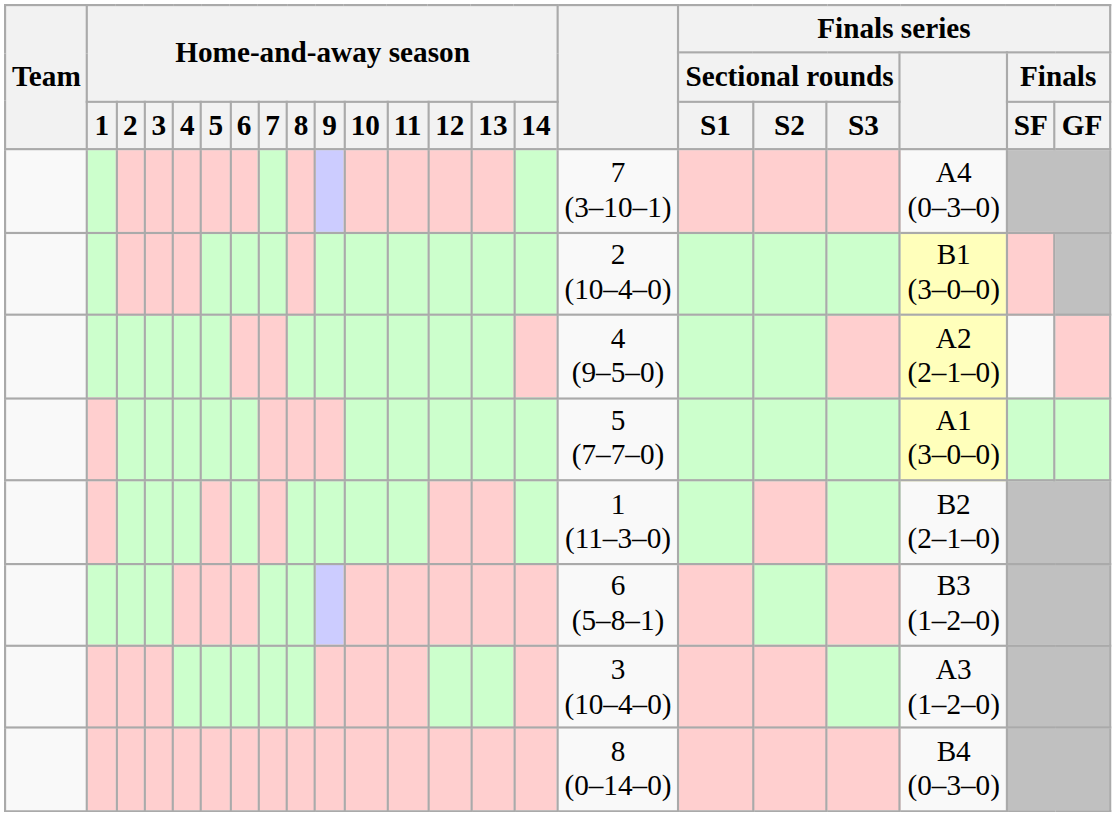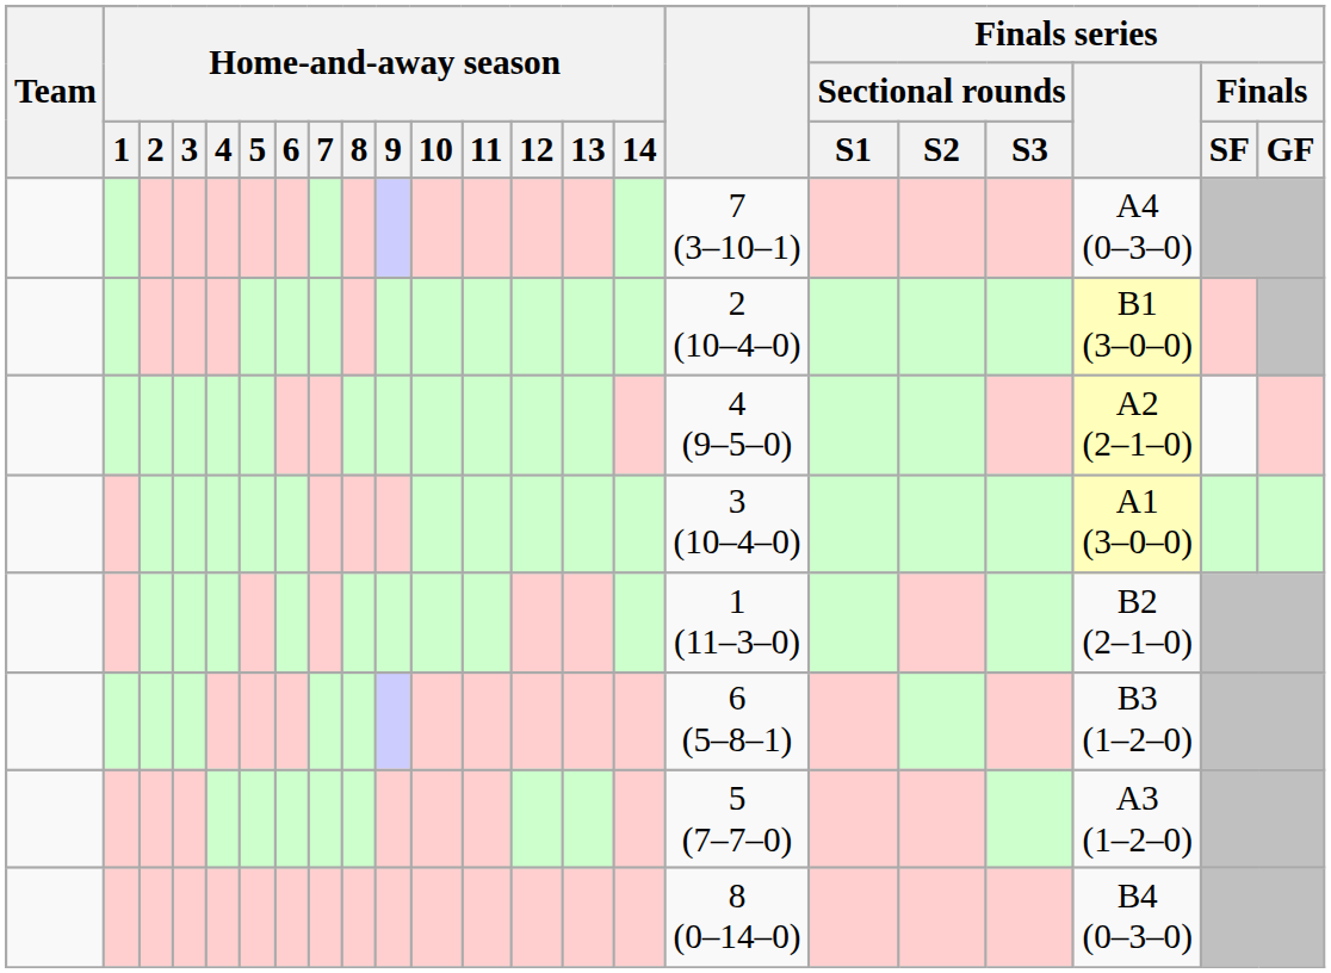 <table class="wikitable sortable" style="font-size:85%; text-align:center">
 <tr>
 <th rowspan=3>Team</th>
 <th colspan=14 rowspan=2>Home-and-away season</th>
 <th rowspan=3></th>
 <th colspan=6>Finals series</th>
 </tr>
 <tr>
 <th colspan=3>Sectional rounds</th>
 <th rowspan=2></th>
 <th colspan=2>Finals</th>
 </tr>
 <tr>
 <th>1</th>
 <th>2</th>
 <th>3</th>
 <th>4</th>
 <th>5</th>
 <th>6</th>
 <th>7</th>
 <th>8</th>
 <th>9</th>
 <th>10</th>
 <th>11</th>
 <th>12</th>
 <th>13</th>
 <th>14</th>
 <th>S1</th>
 <th>S2</th>
 <th>S3</th>
 <th>SF</th>
 <th>GF</th>
 </tr>
 <tr>
 <td align=left></td>
 <td bgcolor=CCFFCC><strong></strong></td>
 <td bgcolor=FFCFCF></td>
 <td bgcolor=FFCFCF><strong></strong></td>
 <td bgcolor=FFCFCF><strong></strong></td>
 <td bgcolor=FFCFCF></td>
 <td bgcolor=FFCFCF></td>
 <td bgcolor=CCFFCC><strong></strong></td>
 <td bgcolor=FFCFCF></td>
 <td bgcolor=CCCCFF><strong></strong></td>
 <td bgcolor=FFCFCF></td>
 <td bgcolor=FFCFCF></td>
 <td bgcolor=FFCFCF><strong></strong></td>
 <td bgcolor=FFCFCF><strong></strong></td>
 <td bgcolor=CCFFCC></td>
 <td>7<br>(3–10–1)</td>
 <td bgcolor=FFCFCF></td>
 <td bgcolor=FFCFCF></td>
 <td bgcolor=FFCFCF></td>
 <td>A4<br>(0–3–0)</td>
 <td colspan=2 bgcolor=C0C0C0></td>
 </tr>
 <tr>
 <td align=left></td>
 <td bgcolor=CCFFCC><strong></strong></td>
 <td bgcolor=FFCFCF></td>
 <td bgcolor=FFCFCF></td>
 <td bgcolor=FFCFCF></td>
 <td bgcolor=CCFFCC><strong></strong></td>
 <td bgcolor=CCFFCC></td>
 <td bgcolor=CCFFCC><strong></strong></td>
 <td bgcolor=FFCFCF></td>
 <td bgcolor=CCFFCC><strong></strong></td>
 <td bgcolor=CCFFCC><strong></strong></td>
 <td bgcolor=CCFFCC><strong></strong></td>
 <td bgcolor=CCFFCC></td>
 <td bgcolor=CCFFCC><strong></strong></td>
 <td bgcolor=CCFFCC></td>
 <td>2<br>(10–4–0)</td>
 <td bgcolor=CCFFCC></td>
 <td bgcolor=CCFFCC><strong></strong></td>
 <td bgcolor=CCFFCC><strong></strong></td>
 <td bgcolor=FFFFBB>B1<br>(3–0–0)</td>
 <td bgcolor=FFCFCF></td>
 <td bgcolor=C0C0C0></td>
 </tr>
 <tr>
 <td align=left></td>
 <td bgcolor=CCFFCC><strong></strong></td>
 <td bgcolor=CCFFCC></td>
 <td bgcolor=CCFFCC></td>
 <td bgcolor=CCFFCC><strong></strong></td>
 <td bgcolor=CCFFCC><strong></strong></td>
 <td bgcolor=FFCFCF></td>
 <td bgcolor=FFCFCF></td>
 <td bgcolor=CCFFCC></td>
 <td bgcolor=CCFFCC><strong></strong></td>
 <td bgcolor=CCFFCC><strong></strong></td>
 <td bgcolor=CCFFCC></td>
 <td bgcolor=CCFFCC></td>
 <td bgcolor=CCFFCC><strong></strong></td>
 <td bgcolor=FFCFCF><strong></strong></td>
 <td>4<br>(9–5–0)</td>
 <td bgcolor=CCFFCC><strong></strong></td>
 <td bgcolor=CCFFCC></td>
 <td bgcolor=FFCFCF></td>
 <td bgcolor=FFFFBB>A2<br>(2–1–0)</td>
 <td></td>
 <td bgcolor=FFCFCF><strong></strong></td>
 </tr>
 <tr>
 <td align=left></td>
 <td bgcolor=FFCFCF></td>
 <td bgcolor=CCFFCC><strong></strong></td>
 <td bgcolor=CCFFCC></td>
 <td bgcolor=CCFFCC><strong></strong></td>
 <td bgcolor=CCFFCC></td>
 <td bgcolor=CCFFCC><strong></strong></td>
 <td bgcolor=FFCFCF></td>
 <td bgcolor=FFCFCF><strong></strong></td>
 <td bgcolor=FFCFCF></td>
 <td bgcolor=CCFFCC><strong></strong></td>
 <td bgcolor=CCFFCC></td>
 <td bgcolor=CCFFCC><strong></strong></td>
 <td bgcolor=CCFFCC></td>
 <td bgcolor=CCFFCC><strong></strong></td>
-<td>5<br>(7–7–0)</td>
+<td>3<br>(10–4–0)</td>
 <td bgcolor=CCFFCC></td>
 <td bgcolor=CCFFCC><strong></strong></td>
 <td bgcolor=CCFFCC><strong></strong></td>
 <td bgcolor=FFFFBB>A1<br>(3–0–0)</td>
 <td bgcolor=CCFFCC><strong></strong></td>
 <td bgcolor=CCFFCC></td>
 </tr>
 <tr>
 <td align=left></td>
 <td bgcolor=FFCFCF></td>
 <td bgcolor=CCFFCC><strong></strong></td>
 <td bgcolor=CCFFCC><strong></strong></td>
 <td bgcolor=CCFFCC></td>
 <td bgcolor=FFCFCF><strong></strong></td>
 <td bgcolor=CCFFCC><strong></strong></td>
 <td bgcolor=FFCFCF></td>
 <td bgcolor=CCFFCC><strong></strong></td>
 <td bgcolor=CCFFCC></td>
 <td bgcolor=CCFFCC></td>
 <td bgcolor=CCFFCC><strong></strong></td>
 <td bgcolor=FFCFCF></td>
 <td bgcolor=FFCFCF></td>
 <td bgcolor=CCFFCC><strong></strong></td>
 <td>1<br>(11–3–0)</td>
 <td bgcolor=CCFFCC><strong></strong></td>
 <td bgcolor=FFCFCF></td>
 <td bgcolor=CCFFCC><strong></strong></td>
 <td>B2<br>(2–1–0)</td>
 <td colspan=2 bgcolor=C0C0C0></td>
 </tr>
 <tr>
 <td align=left></td>
 <td bgcolor=CCFFCC></td>
 <td bgcolor=CCFFCC><strong></strong></td>
 <td bgcolor=CCFFCC><strong></strong></td>
 <td bgcolor=FFCFCF></td>
 <td bgcolor=FFCFCF></td>
 <td bgcolor=FFCFCF><strong></strong></td>
 <td bgcolor=CCFFCC><strong></strong></td>
 <td bgcolor=CCFFCC><strong></strong></td>
 <td bgcolor=CCCCFF></td>
 <td bgcolor=FFCFCF></td>
 <td bgcolor=FFCFCF><strong></strong></td>
 <td bgcolor=FFCFCF><strong></strong></td>
 <td bgcolor=FFCFCF></td>
 <td bgcolor=FFCFCF></td>
 <td>6<br>(5–8–1)</td>
 <td bgcolor=FFCFCF></td>
 <td bgcolor=CCFFCC></td>
 <td bgcolor=FFCFCF></td>
 <td>B3<br>(1–2–0)</td>
 <td colspan=2 bgcolor=C0C0C0></td>
 </tr>
 <tr>
 <td align=left></td>
 <td bgcolor=FFCFCF></td>
 <td bgcolor=FFCFCF><strong></strong></td>
 <td bgcolor=FFCFCF></td>
 <td bgcolor=CCFFCC><strong></strong></td>
 <td bgcolor=CCFFCC></td>
 <td bgcolor=CCFFCC></td>
 <td bgcolor=CCFFCC><strong></strong></td>
 <td bgcolor=CCFFCC><strong></strong></td>
 <td bgcolor=FFCFCF></td>
 <td bgcolor=FFCFCF><strong></strong></td>
 <td bgcolor=FFCFCF></td>
 <td bgcolor=CCFFCC><strong></strong></td>
 <td bgcolor=CCFFCC><strong></strong></td>
 <td bgcolor=FFCFCF></td>
-<td>3<br>(10–4–0)</td>
+<td>5<br>(7–7–0)</td>
 <td bgcolor=FFCFCF><strong></strong></td>
 <td bgcolor=FFCFCF><strong></strong></td>
 <td bgcolor=CCFFCC><strong></strong></td>
 <td>A3<br>(1–2–0)</td>
 <td colspan=2 bgcolor=C0C0C0></td>
 </tr>
 <tr>
 <td align=left></td>
 <td bgcolor=FFCFCF><strong></strong></td>
 <td bgcolor=FFCFCF></td>
 <td bgcolor=FFCFCF><strong></strong></td>
 <td bgcolor=FFCFCF></td>
 <td bgcolor=FFCFCF><strong></strong></td>
 <td bgcolor=FFCFCF><strong></strong></td>
 <td bgcolor=FFCFCF></td>
 <td bgcolor=FFCFCF></td>
 <td bgcolor=FFCFCF><strong></strong></td>
 <td bgcolor=FFCFCF></td>
 <td bgcolor=FFCFCF><strong></strong></td>
 <td bgcolor=FFCFCF></td>
 <td bgcolor=FFCFCF></td>
 <td bgcolor=FFCFCF><strong></strong></td>
 <td>8<br>(0–14–0)</td>
 <td bgcolor=FFCFCF><strong></strong></td>
 <td bgcolor=FFCFCF><strong></strong></td>
 <td bgcolor=FFCFCF></td>
 <td>B4<br>(0–3–0)</td>
 <td colspan=2 bgcolor=C0C0C0></td>
 </tr>
 </table>
